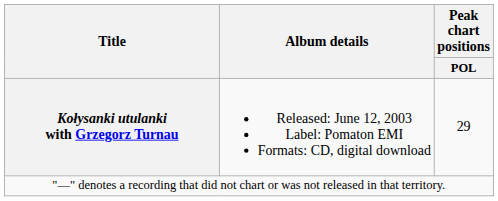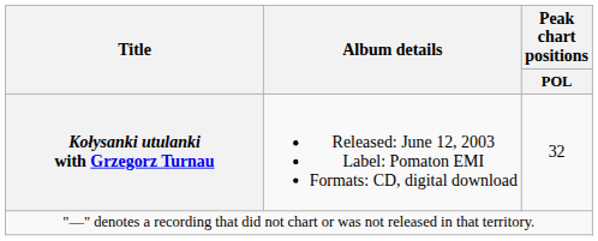 <table class="wikitable plainrowheaders" style="text-align:center;">
 <tr>
 <th scope="col" rowspan="2" style="width:15em;">Title</th>
 <th scope="col" rowspan="2">Album details</th>
 <th scope="col" colspan="1">Peak chart positions</th>
 </tr>
 <tr>
 <th scope="col" style="width:3em;font-size:90%;">POL<br></th>
 </tr>
 <tr>
 <th scope="row"><em>Kołysanki utulanki</em><br>with <a href='#'>Grzegorz Turnau</a></th>
 <td><br><ul><li>Released: June 12, 2003</li><li>Label: Pomaton EMI</li><li>Formats: CD, digital download</li></ul></td>
-<td>29</td>
+<td>32</td>
 </tr>
 <tr>
 <td colspan="20" style="font-size:90%">"—" denotes a recording that did not chart or was not released in that territory.</td>
 </tr>
 </table>
